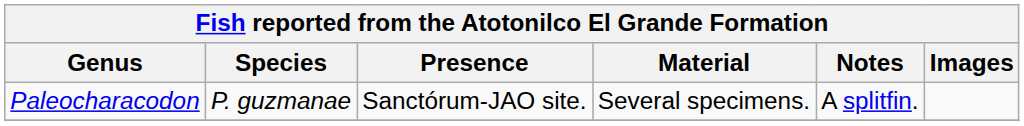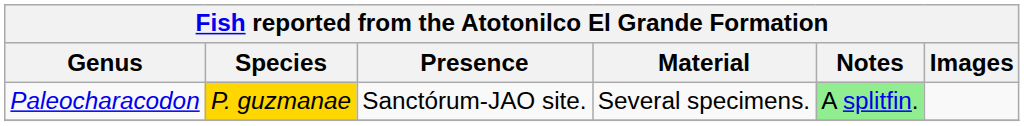 <table class="wikitable" align="center">
 <tr>
 <th colspan="6" align="center"><strong><a href='#'>Fish</a> reported from the Atotonilco El Grande Formation</strong></th>
 </tr>
 <tr>
 <th>Genus</th>
 <th>Species</th>
 <th>Presence</th>
 <th><strong>Material</strong></th>
 <th>Notes</th>
 <th>Images</th>
 </tr>
 <tr>
 <td><em><a href='#'>Paleocharacodon</a></em></td>
-<td><em>P. guzmanae</em></td>
+<td style="background: gold;"><em>P. guzmanae</em></td>
 <td>Sanctórum-JAO site.</td>
 <td>Several specimens.</td>
-<td>A <a href='#'>splitfin</a>.</td>
+<td style="background: lightgreen;">A <a href='#'>splitfin</a>.</td>
 <td></td>
 </tr>
 <tr>
 </tr>
 </table>
